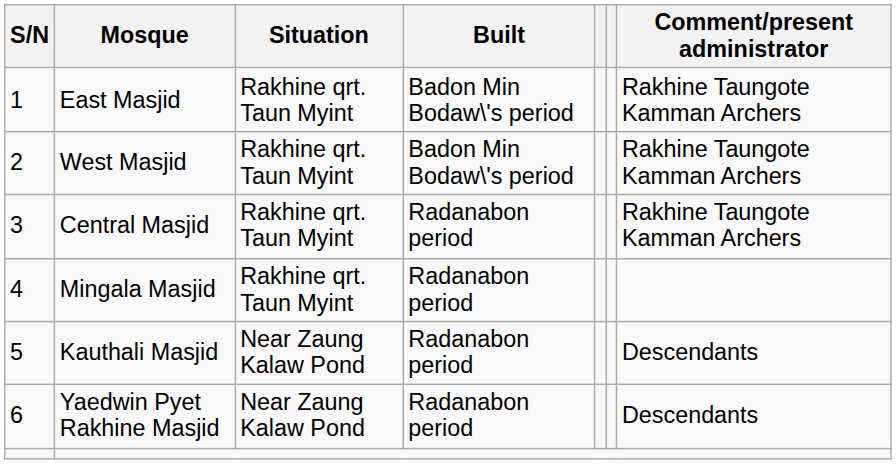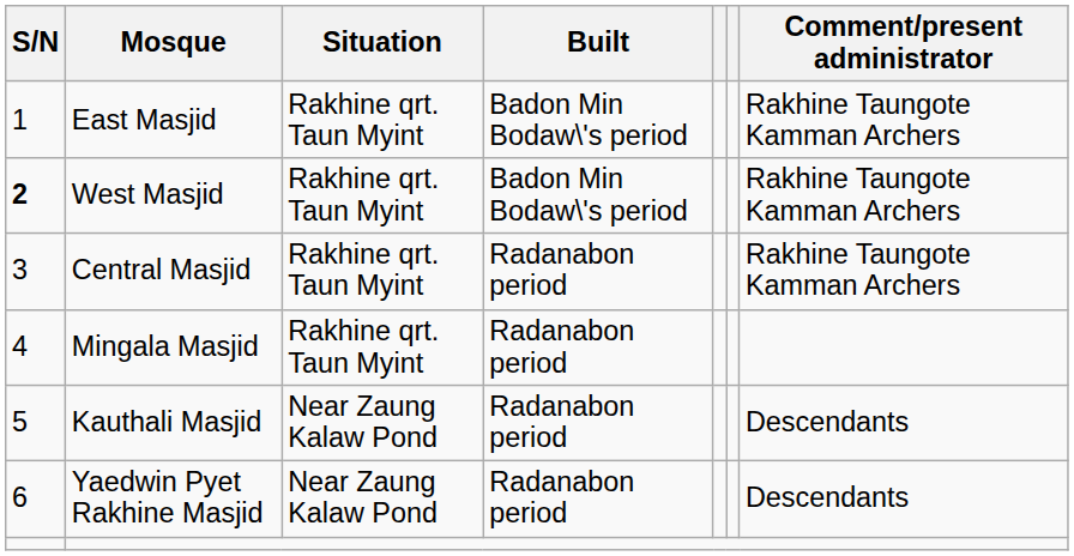 <table class="wikitable">
 <tr>
 <th>S/N</th>
 <th>Mosque</th>
 <th>Situation</th>
 <th>Built</th>
 <th></th>
 <th></th>
 <th>Comment/present administrator</th>
 </tr>
 <tr>
 <td>1</td>
 <td>East Masjid</td>
 <td>Rakhine qrt. Taun Myint</td>
 <td>Badon Min Bodaw\'s period</td>
 <td></td>
 <td></td>
 <td>Rakhine Taungote Kamman Archers</td>
 </tr>
 <tr>
-<td>2</td>
+<td><strong>2</strong></td>
 <td>West Masjid</td>
 <td>Rakhine qrt. Taun Myint</td>
 <td>Badon Min Bodaw\'s period</td>
 <td></td>
 <td></td>
 <td>Rakhine Taungote Kamman Archers</td>
 </tr>
 <tr>
 <td>3</td>
 <td>Central Masjid</td>
 <td>Rakhine qrt. Taun Myint</td>
 <td>Radanabon period</td>
 <td></td>
 <td></td>
 <td>Rakhine Taungote Kamman Archers</td>
 </tr>
 <tr>
 <td>4</td>
 <td>Mingala Masjid</td>
 <td>Rakhine qrt. Taun Myint</td>
 <td>Radanabon period</td>
 <td></td>
 <td></td>
 <td></td>
 </tr>
 <tr>
 <td>5</td>
 <td>Kauthali  Masjid</td>
 <td>Near Zaung Kalaw Pond</td>
 <td>Radanabon period</td>
 <td></td>
 <td></td>
 <td>Descendants</td>
 </tr>
 <tr>
 <td>6</td>
 <td>Yaedwin Pyet Rakhine Masjid</td>
 <td>Near Zaung Kalaw Pond</td>
 <td>Radanabon period</td>
 <td></td>
 <td></td>
 <td>Descendants</td>
 </tr>
 <tr>
 <td></td>
 </tr>
 </table>
